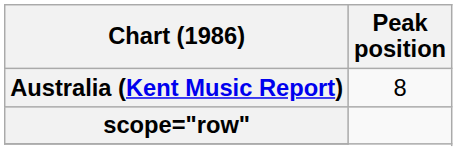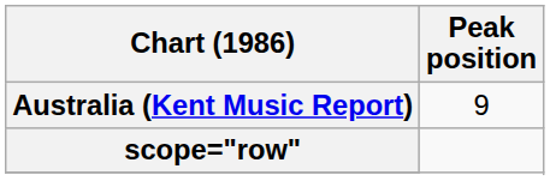 <table class="wikitable sortable plainrowheaders">
 <tr>
 <th>Chart (1986)</th>
 <th>Peak<br>position</th>
 </tr>
 <tr>
 <th scope="row">Australia (<a href='#'>Kent Music Report</a>)</th>
-<td style="text-align:center;">8</td>
+<td style="text-align:center;">9</td>
 </tr>
 <tr>
 <th>scope="row"</th>
 </tr>
 <tr>
 </tr>
 </table>
